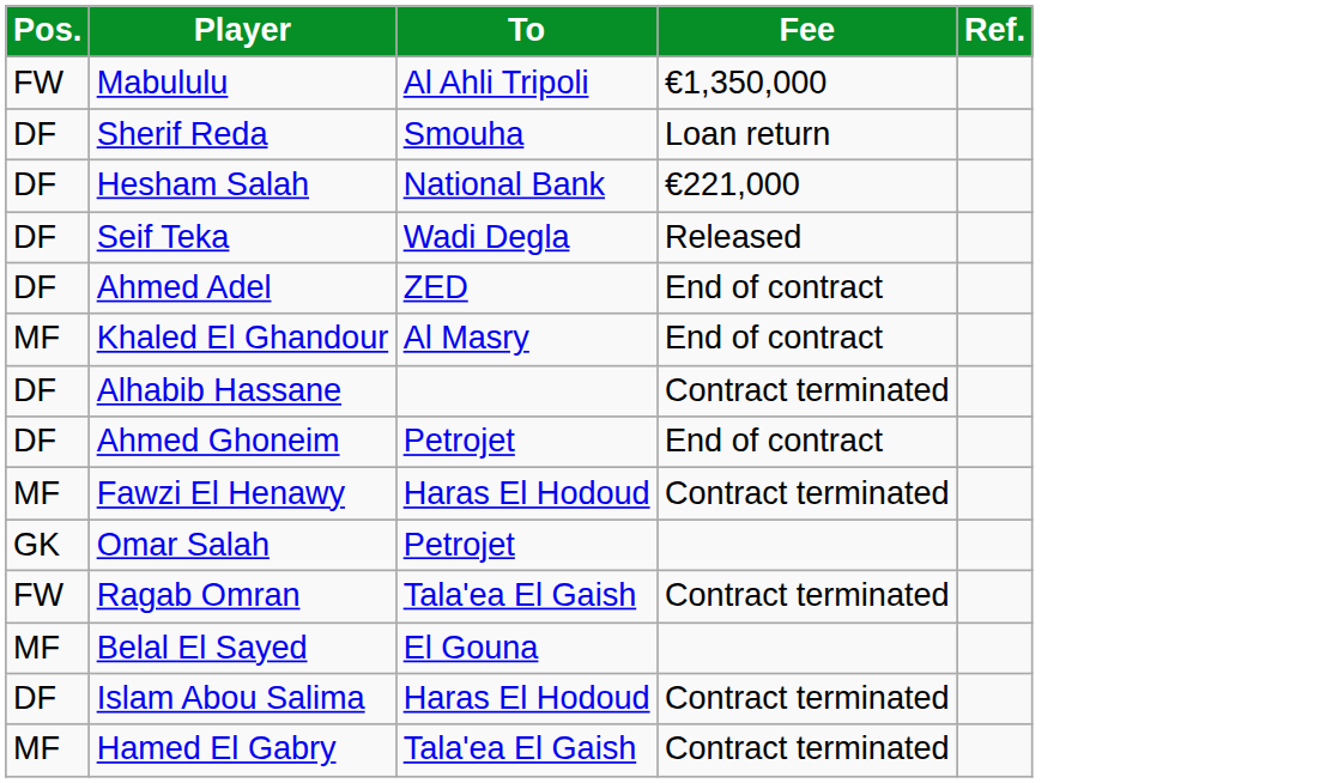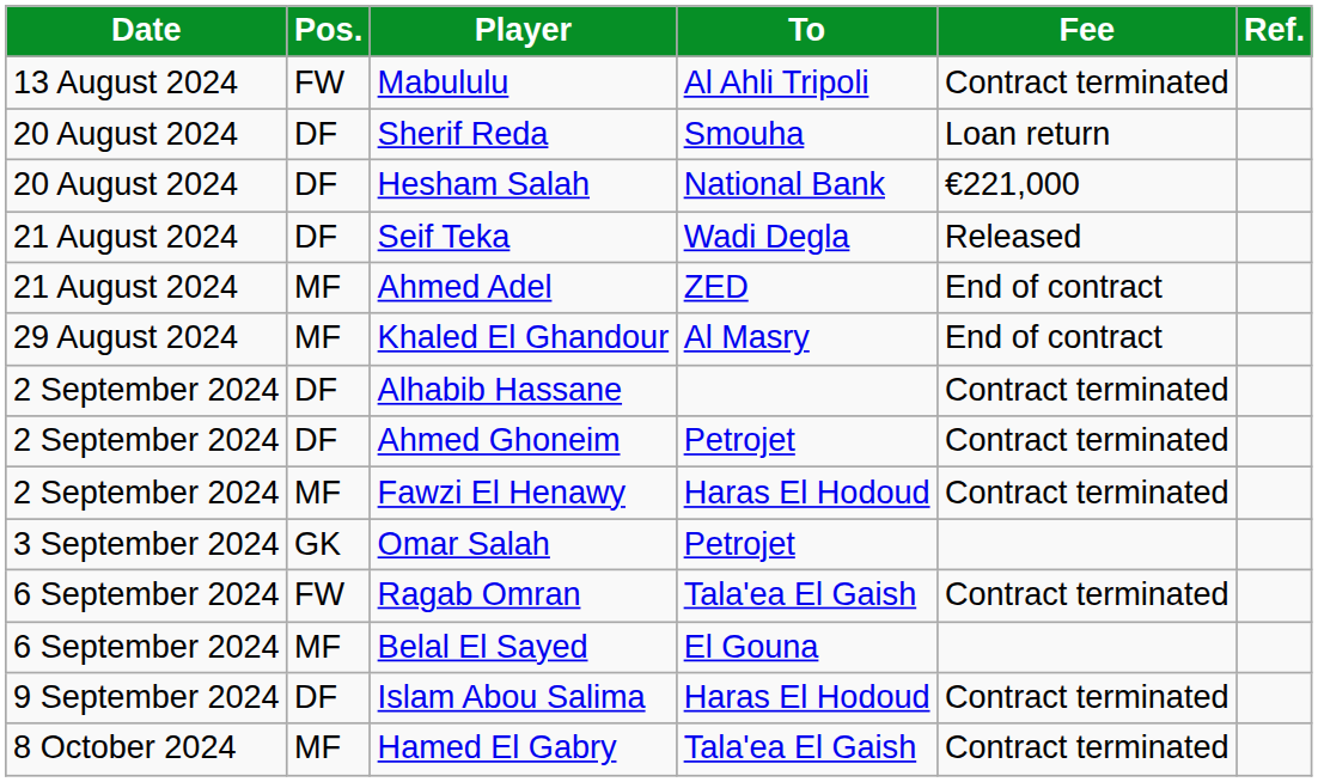 <table class="wikitable plainrowheaders sortable">
 <tr>
+<th style="background:#068f26; color:#ffffff; ">Date</th>
 <th style="background:#068f26; color:#ffffff; ">Pos.</th>
 <th style="background:#068f26; color:#ffffff; ">Player</th>
 <th style="background:#068f26; color:#ffffff; ">To</th>
 <th style="background:#068f26; color:#ffffff; ">Fee</th>
 <th style="background:#068f26; color:#ffffff; ">Ref.</th>
 </tr>
 <tr>
+<td>13 August 2024</td>
 <td>FW</td>
 <td> <a href='#'>Mabululu</a></td>
 <td> <a href='#'>Al Ahli Tripoli</a></td>
-<td>€1,350,000</td>
+<td>Contract terminated</td>
 <td></td>
 </tr>
 <tr>
+<td>20 August 2024</td>
 <td>DF</td>
 <td> <a href='#'>Sherif Reda</a></td>
 <td> <a href='#'>Smouha</a></td>
 <td>Loan return</td>
 <td></td>
 </tr>
 <tr>
+<td>20 August 2024</td>
 <td>DF</td>
 <td> <a href='#'>Hesham Salah</a></td>
 <td> <a href='#'>National Bank</a></td>
 <td>€221,000</td>
 <td></td>
 </tr>
 <tr>
+<td>21 August 2024</td>
 <td>DF</td>
 <td> <a href='#'>Seif Teka</a></td>
 <td> <a href='#'>Wadi Degla</a></td>
 <td>Released</td>
 <td></td>
 </tr>
 <tr>
-<td>DF</td>
+<td>21 August 2024</td>
+<td>MF</td>
 <td> <a href='#'>Ahmed Adel</a></td>
 <td> <a href='#'>ZED</a></td>
 <td>End of contract</td>
 <td></td>
 </tr>
 <tr>
+<td>29 August 2024</td>
 <td>MF</td>
 <td> <a href='#'>Khaled El Ghandour</a></td>
 <td> <a href='#'>Al Masry</a></td>
 <td>End of contract</td>
 <td></td>
 </tr>
 <tr>
+<td>2 September 2024</td>
 <td>DF</td>
 <td> <a href='#'>Alhabib Hassane</a></td>
 <td></td>
 <td>Contract terminated</td>
 <td></td>
 </tr>
 <tr>
+<td>2 September 2024</td>
 <td>DF</td>
 <td> <a href='#'>Ahmed Ghoneim</a></td>
 <td> <a href='#'>Petrojet</a></td>
-<td>End of contract</td>
+<td>Contract terminated</td>
 <td></td>
 </tr>
 <tr>
+<td>2 September 2024</td>
 <td>MF</td>
 <td> <a href='#'>Fawzi El Henawy</a></td>
 <td> <a href='#'>Haras El Hodoud</a></td>
 <td>Contract terminated</td>
 <td></td>
 </tr>
 <tr>
+<td>3 September 2024</td>
 <td>GK</td>
 <td> <a href='#'>Omar Salah</a></td>
 <td> <a href='#'>Petrojet</a></td>
 <td></td>
 <td></td>
 </tr>
 <tr>
+<td>6 September 2024</td>
 <td>FW</td>
 <td> <a href='#'>Ragab Omran</a></td>
 <td> <a href='#'>Tala'ea El Gaish</a></td>
 <td>Contract terminated</td>
 <td></td>
 </tr>
 <tr>
+<td>6 September 2024</td>
 <td>MF</td>
 <td> <a href='#'>Belal El Sayed</a></td>
 <td> <a href='#'>El Gouna</a></td>
 <td></td>
 <td></td>
 </tr>
 <tr>
+<td>9 September 2024</td>
 <td>DF</td>
 <td> <a href='#'>Islam Abou Salima</a></td>
 <td> <a href='#'>Haras El Hodoud</a></td>
 <td>Contract terminated</td>
 <td></td>
 </tr>
 <tr>
+<td>8 October 2024</td>
 <td>MF</td>
 <td> <a href='#'>Hamed El Gabry</a></td>
 <td> <a href='#'>Tala'ea El Gaish</a></td>
 <td>Contract terminated</td>
 <td></td>
 </tr>
 </table>
